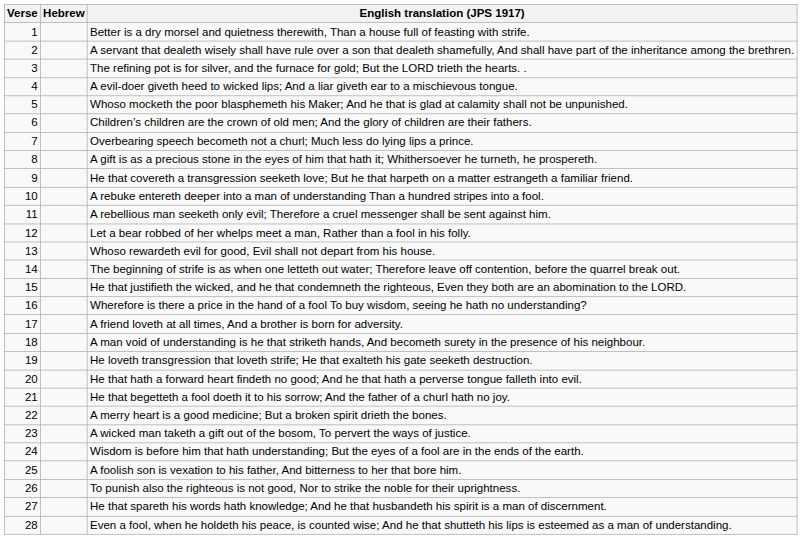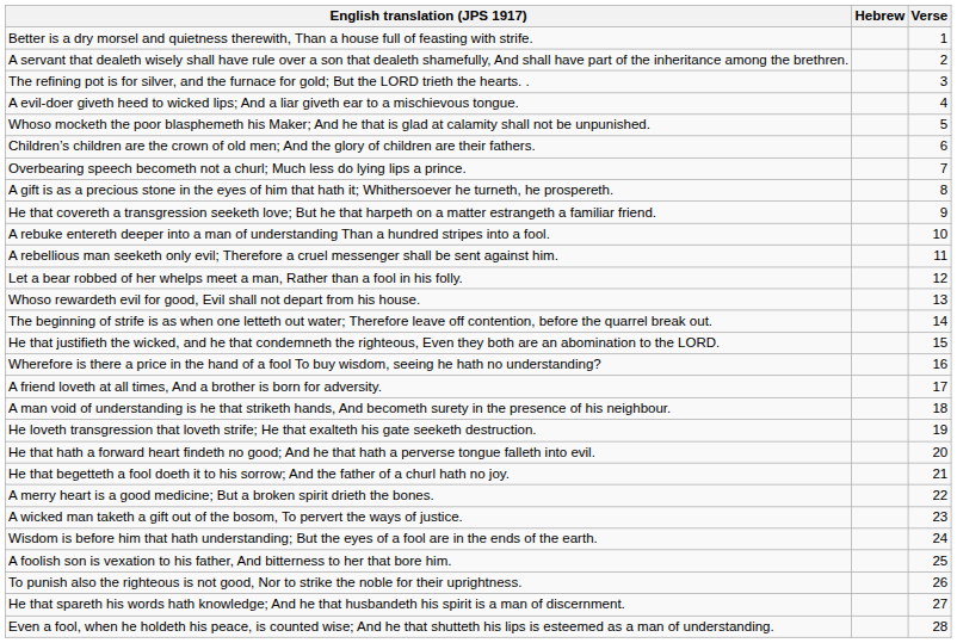 <table class="wikitable">
 <tr>
+<th>English translation (JPS 1917)</th>
+<th>Hebrew</th>
 <th>Verse</th>
-<th>Hebrew</th>
-<th>English translation (JPS 1917)</th>
 </tr>
 <tr>
+<td>Better is a dry morsel and quietness therewith, Than a house full of feasting with strife.</td>
+<td style="text-align:right"></td>
 <td style="text-align:right">1</td>
-<td style="text-align:right"></td>
-<td>Better is a dry morsel and quietness therewith, Than a house full of feasting with strife.</td>
 </tr>
 <tr>
+<td>A servant that dealeth wisely shall have rule over a son that dealeth shamefully, And shall have part of the inheritance among the brethren.</td>
+<td style="text-align:right"></td>
 <td style="text-align:right">2</td>
-<td style="text-align:right"></td>
-<td>A servant that dealeth wisely shall have rule over a son that dealeth shamefully, And shall have part of the inheritance among the brethren.</td>
 </tr>
 <tr>
+<td>The refining pot is for silver, and the furnace for gold; But the LORD trieth the hearts. .</td>
+<td style="text-align:right"></td>
 <td style="text-align:right">3</td>
-<td style="text-align:right"></td>
-<td>The refining pot is for silver, and the furnace for gold; But the LORD trieth the hearts. .</td>
 </tr>
 <tr>
+<td>A evil-doer giveth heed to wicked lips; And a liar giveth ear to a mischievous tongue.</td>
+<td style="text-align:right"></td>
 <td style="text-align:right">4</td>
-<td style="text-align:right"></td>
-<td>A evil-doer giveth heed to wicked lips; And a liar giveth ear to a mischievous tongue.</td>
 </tr>
 <tr>
+<td>Whoso mocketh the poor blasphemeth his Maker; And he that is glad at calamity shall not be unpunished.</td>
+<td style="text-align:right"></td>
 <td style="text-align:right">5</td>
-<td style="text-align:right"></td>
-<td>Whoso mocketh the poor blasphemeth his Maker; And he that is glad at calamity shall not be unpunished.</td>
 </tr>
 <tr>
+<td>Children’s children are the crown of old men; And the glory of children are their fathers.</td>
+<td style="text-align:right"></td>
 <td style="text-align:right">6</td>
-<td style="text-align:right"></td>
-<td>Children’s children are the crown of old men; And the glory of children are their fathers.</td>
 </tr>
 <tr>
+<td>Overbearing speech becometh not a churl; Much less do lying lips a prince.</td>
+<td style="text-align:right"></td>
 <td style="text-align:right">7</td>
-<td style="text-align:right"></td>
-<td>Overbearing speech becometh not a churl; Much less do lying lips a prince.</td>
 </tr>
 <tr>
+<td>A gift is as a precious stone in the eyes of him that hath it; Whithersoever he turneth, he prospereth.</td>
+<td style="text-align:right"></td>
 <td style="text-align:right">8</td>
-<td style="text-align:right"></td>
-<td>A gift is as a precious stone in the eyes of him that hath it; Whithersoever he turneth, he prospereth.</td>
 </tr>
 <tr>
+<td>He that covereth a transgression seeketh love; But he that harpeth on a matter estrangeth a familiar friend.</td>
+<td style="text-align:right"></td>
 <td style="text-align:right">9</td>
-<td style="text-align:right"></td>
-<td>He that covereth a transgression seeketh love; But he that harpeth on a matter estrangeth a familiar friend.</td>
 </tr>
 <tr>
+<td>A rebuke entereth deeper into a man of understanding Than a hundred stripes into a fool.</td>
+<td style="text-align:right"></td>
 <td style="text-align:right">10</td>
-<td style="text-align:right"></td>
-<td>A rebuke entereth deeper into a man of understanding Than a hundred stripes into a fool.</td>
 </tr>
 <tr>
+<td>A rebellious man seeketh only evil; Therefore a cruel messenger shall be sent against him.</td>
+<td style="text-align:right"></td>
 <td style="text-align:right">11</td>
-<td style="text-align:right"></td>
-<td>A rebellious man seeketh only evil; Therefore a cruel messenger shall be sent against him.</td>
 </tr>
 <tr>
+<td>Let a bear robbed of her whelps meet a man, Rather than a fool in his folly.</td>
+<td style="text-align:right"></td>
 <td style="text-align:right">12</td>
-<td style="text-align:right"></td>
-<td>Let a bear robbed of her whelps meet a man, Rather than a fool in his folly.</td>
 </tr>
 <tr>
+<td>Whoso rewardeth evil for good, Evil shall not depart from his house.</td>
+<td style="text-align:right"></td>
 <td style="text-align:right">13</td>
-<td style="text-align:right"></td>
-<td>Whoso rewardeth evil for good, Evil shall not depart from his house.</td>
 </tr>
 <tr>
+<td>The beginning of strife is as when one letteth out water; Therefore leave off contention, before the quarrel break out.</td>
+<td style="text-align:right"></td>
 <td style="text-align:right">14</td>
-<td style="text-align:right"></td>
-<td>The beginning of strife is as when one letteth out water; Therefore leave off contention, before the quarrel break out.</td>
 </tr>
 <tr>
+<td>He that justifieth the wicked, and he that condemneth the righteous, Even they both are an abomination to the LORD.</td>
+<td style="text-align:right"></td>
 <td style="text-align:right">15</td>
-<td style="text-align:right"></td>
-<td>He that justifieth the wicked, and he that condemneth the righteous, Even they both are an abomination to the LORD.</td>
 </tr>
 <tr>
+<td>Wherefore is there a price in the hand of a fool To buy wisdom, seeing he hath no understanding?</td>
+<td style="text-align:right"></td>
 <td style="text-align:right">16</td>
-<td style="text-align:right"></td>
-<td>Wherefore is there a price in the hand of a fool To buy wisdom, seeing he hath no understanding?</td>
 </tr>
 <tr>
+<td>A friend loveth at all times, And a brother is born for adversity.</td>
+<td style="text-align:right"></td>
 <td style="text-align:right">17</td>
-<td style="text-align:right"></td>
-<td>A friend loveth at all times, And a brother is born for adversity.</td>
 </tr>
 <tr>
+<td>A man void of understanding is he that striketh hands, And becometh surety in the presence of his neighbour.</td>
+<td style="text-align:right"></td>
 <td style="text-align:right">18</td>
-<td style="text-align:right"></td>
-<td>A man void of understanding is he that striketh hands, And becometh surety in the presence of his neighbour.</td>
 </tr>
 <tr>
+<td>He loveth transgression that loveth strife; He that exalteth his gate seeketh destruction.</td>
+<td style="text-align:right"></td>
 <td style="text-align:right">19</td>
-<td style="text-align:right"></td>
-<td>He loveth transgression that loveth strife; He that exalteth his gate seeketh destruction.</td>
 </tr>
 <tr>
+<td>He that hath a forward heart findeth no good; And he that hath a perverse tongue falleth into evil.</td>
+<td style="text-align:right"></td>
 <td style="text-align:right">20</td>
-<td style="text-align:right"></td>
-<td>He that hath a forward heart findeth no good; And he that hath a perverse tongue falleth into evil.</td>
 </tr>
 <tr>
+<td>He that begetteth a fool doeth it to his sorrow; And the father of a churl hath no joy.</td>
+<td style="text-align:right"></td>
 <td style="text-align:right">21</td>
-<td style="text-align:right"></td>
-<td>He that begetteth a fool doeth it to his sorrow; And the father of a churl hath no joy.</td>
 </tr>
 <tr>
+<td>A merry heart is a good medicine; But a broken spirit drieth the bones.</td>
+<td style="text-align:right"></td>
 <td style="text-align:right">22</td>
-<td style="text-align:right"></td>
-<td>A merry heart is a good medicine; But a broken spirit drieth the bones.</td>
 </tr>
 <tr>
+<td>A wicked man taketh a gift out of the bosom, To pervert the ways of justice.</td>
+<td style="text-align:right"></td>
 <td style="text-align:right">23</td>
-<td style="text-align:right"></td>
-<td>A wicked man taketh a gift out of the bosom, To pervert the ways of justice.</td>
 </tr>
 <tr>
+<td>Wisdom is before him that hath understanding; But the eyes of a fool are in the ends of the earth.</td>
+<td style="text-align:right"></td>
 <td style="text-align:right">24</td>
-<td style="text-align:right"></td>
-<td>Wisdom is before him that hath understanding; But the eyes of a fool are in the ends of the earth.</td>
 </tr>
 <tr>
+<td>A foolish son is vexation to his father, And bitterness to her that bore him.</td>
+<td style="text-align:right"></td>
 <td style="text-align:right">25</td>
-<td style="text-align:right"></td>
-<td>A foolish son is vexation to his father, And bitterness to her that bore him.</td>
 </tr>
 <tr>
+<td>To punish also the righteous is not good, Nor to strike the noble for their uprightness.</td>
+<td style="text-align:right"></td>
 <td style="text-align:right">26</td>
-<td style="text-align:right"></td>
-<td>To punish also the righteous is not good, Nor to strike the noble for their uprightness.</td>
 </tr>
 <tr>
+<td>He that spareth his words hath knowledge; And he that husbandeth his spirit is a man of discernment.</td>
+<td style="text-align:right"></td>
 <td style="text-align:right">27</td>
-<td style="text-align:right"></td>
-<td>He that spareth his words hath knowledge; And he that husbandeth his spirit is a man of discernment.</td>
 </tr>
 <tr>
+<td>Even a fool, when he holdeth his peace, is counted wise; And he that shutteth his lips is esteemed as a man of understanding.</td>
+<td style="text-align:right"></td>
 <td style="text-align:right">28</td>
-<td style="text-align:right"></td>
-<td>Even a fool, when he holdeth his peace, is counted wise; And he that shutteth his lips is esteemed as a man of understanding.</td>
 </tr>
 </table>
